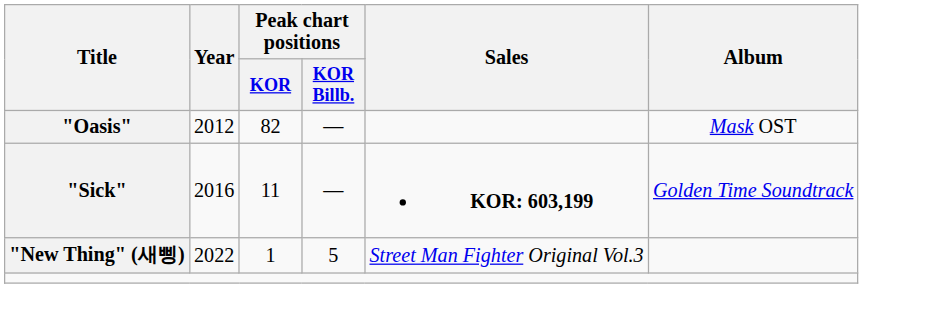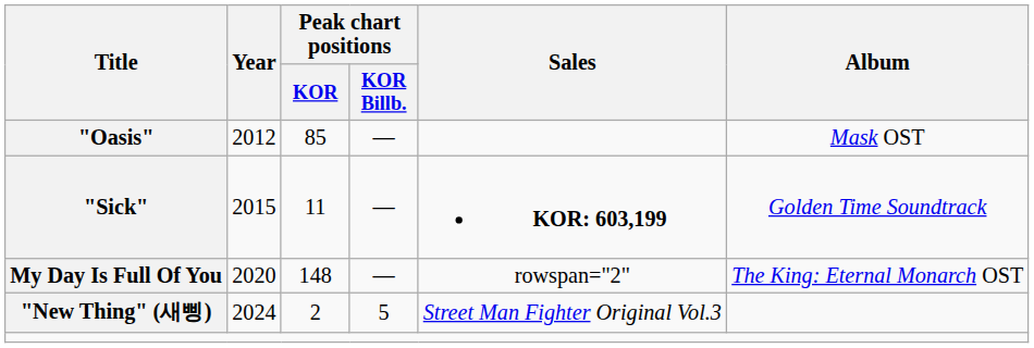 <table class="wikitable plainrowheaders" style="text-align:center;">
 <tr>
 <th scope="col" rowspan="2">Title</th>
 <th scope="col" rowspan="2">Year</th>
 <th scope="col" colspan="2">Peak chart positions</th>
 <th scope="col" rowspan="2">Sales</th>
 <th scope="col" rowspan="2">Album</th>
 </tr>
 <tr>
 <th scope="col" style="width:3em;font-size:90%;"><a href='#'>KOR</a><br></th>
 <th scope="col" style="width:3em;font-size:90%;"><a href='#'>KOR<br>Billb.</a><br></th>
 </tr>
 <tr>
 <th scope="row">"Oasis" <br></th>
 <td>2012</td>
-<td>82</td>
+<td>85</td>
 <td>—</td>
 <td></td>
 <td><em><a href='#'>Mask</a></em> OST</td>
 </tr>
 <tr>
 <th scope="row">"Sick" <br></th>
-<td>2016</td>
+<td>2015</td>
 <td>11</td>
 <td>—</td>
 <td><strong><br><ul><li>KOR: 603,199</li></ul></strong></td>
 <td align="center"><em><a href='#'>Golden Time Soundtrack</a></em></td>
 </tr>
 <tr>
+<th scope="row">My Day Is Full Of You <br></th>
+<td>2020</td>
+<td>148</td>
+<td>—</td>
+<td>rowspan="2" </td>
+<td><em><a href='#'>The King: Eternal Monarch</a></em> OST</td>
+</tr>
+<tr>
 <th scope="row">"New Thing" (새삥)<br></th>
-<td>2022</td>
-<td>1</td>
+<td>2024</td>
+<td>2</td>
 <td>5</td>
 <td><em><a href='#'>Street Man Fighter</a> Original Vol.3</em></td>
 </tr>
 <tr>
 <td colspan="6"></td>
 </tr>
 </table>
